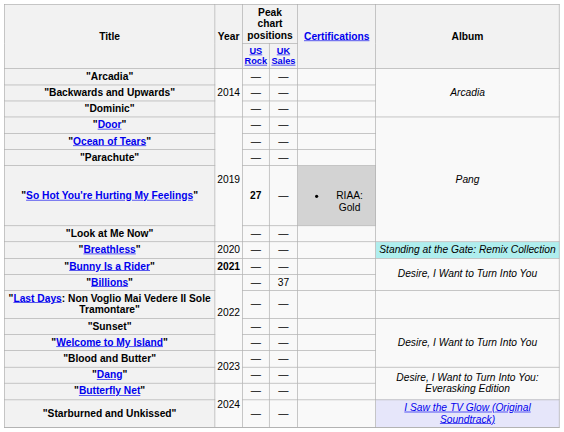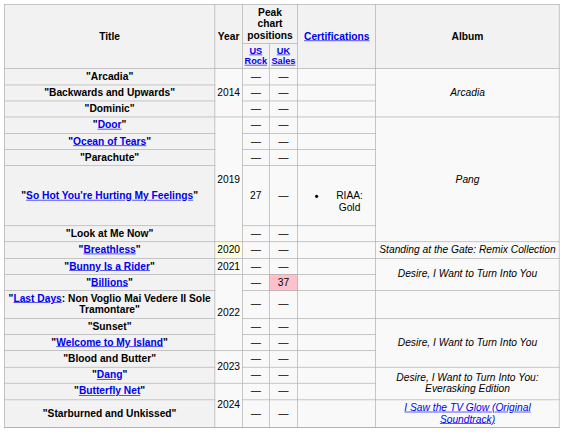 <table class="wikitable plainrowheaders" style="text-align:center;">
 <tr>
 <th scope="col" rowspan="2">Title</th>
 <th scope="col" rowspan="2">Year</th>
 <th scope="col" colspan="2">Peak chart positions</th>
 <th rowspan="2"><a href='#'>Certifications</a></th>
 <th rowspan="2" scope="col">Album</th>
 </tr>
 <tr>
 <th scope="col" style="width:2em;font-size:90%;"><a href='#'>US<br>Rock</a><br></th>
 <th scope="col" style="width:2em;font-size:90%;"><a href='#'>UK<br>Sales</a><br></th>
 </tr>
 <tr>
 <th scope="row">"Arcadia"</th>
 <td rowspan="3">2014</td>
 <td>―</td>
 <td>―</td>
 <td></td>
 <td rowspan="3"><em>Arcadia</em></td>
 </tr>
 <tr>
 <th scope="row">"Backwards and Upwards"</th>
 <td>―</td>
 <td>―</td>
 <td></td>
 </tr>
 <tr>
 <th scope="row">"Dominic"</th>
 <td>―</td>
 <td>―</td>
 <td></td>
 </tr>
 <tr>
 <th scope="row">"<a href='#'>Door</a>"</th>
 <td rowspan="5">2019</td>
 <td>―</td>
 <td>―</td>
 <td></td>
 <td rowspan="5"><em>Pang</em></td>
 </tr>
 <tr>
 <th scope="row">"<a href='#'>Ocean of Tears</a>"</th>
 <td>―</td>
 <td>―</td>
 <td></td>
 </tr>
 <tr>
 <th scope="row">"Parachute"</th>
 <td>―</td>
 <td>―</td>
 <td></td>
 </tr>
 <tr>
 <th scope="row">"<a href='#'>So Hot You're Hurting My Feelings</a>"</th>
-<td><strong>27</strong></td>
+<td>27</td>
 <td>―</td>
-<td style="background: lightgrey;"><br><ul><li>RIAA: Gold</li></ul></td>
+<td><br><ul><li>RIAA: Gold</li></ul></td>
 </tr>
 <tr>
 <th scope="row">"Look at Me Now"</th>
 <td>―</td>
 <td>―</td>
 <td></td>
 </tr>
 <tr>
 <th scope="row">"<a href='#'>Breathless</a>"</th>
-<td>2020</td>
+<td style="background: lightyellow;">2020</td>
 <td>―</td>
 <td>―</td>
 <td></td>
-<td style="background: paleturquoise;"><em>Standing at the Gate: Remix Collection</em></td>
+<td><em>Standing at the Gate: Remix Collection</em></td>
 </tr>
 <tr>
 <th scope="row">"<a href='#'>Bunny Is a Rider</a>"</th>
-<td><strong>2021</strong></td>
+<td>2021</td>
 <td>―</td>
 <td>―</td>
 <td></td>
 <td rowspan="2"><em>Desire, I Want to Turn Into You</em></td>
 </tr>
 <tr>
 <th scope="row">"<a href='#'>Billions</a>"</th>
 <td rowspan="4">2022</td>
 <td>―</td>
-<td>37</td>
+<td style="background: pink;">37</td>
 <td></td>
 </tr>
 <tr>
 <th scope="row">"<a href='#'>Last Days</a>: Non Voglio Mai Vedere II Sole Tramontare"<br></th>
 <td>―</td>
 <td>―</td>
 <td></td>
 <td></td>
 </tr>
 <tr>
 <th scope="row">"Sunset"</th>
 <td>―</td>
 <td>―</td>
 <td></td>
 <td rowspan="3"><em>Desire, I Want to Turn Into You</em></td>
 </tr>
 <tr>
 <th scope="row">"<a href='#'>Welcome to My Island</a>"</th>
 <td>―</td>
 <td>―</td>
 <td></td>
 </tr>
 <tr>
 <th scope="row">"Blood and Butter"</th>
 <td rowspan="2">2023</td>
 <td>―</td>
 <td>―</td>
 <td></td>
 </tr>
 <tr>
 <th scope="row">"<a href='#'>Dang</a>"</th>
 <td>—</td>
 <td>—</td>
 <td></td>
 <td rowspan="2"><em>Desire, I Want to Turn Into You: Everasking Edition</em></td>
 </tr>
 <tr>
 <th scope="row">"<a href='#'>Butterfly Net</a>"<br></th>
 <td rowspan="2">2024</td>
 <td>—</td>
 <td>—</td>
 <td></td>
 </tr>
 <tr>
 <th scope="row">"Starburned and Unkissed"</th>
 <td>—</td>
 <td>—</td>
 <td></td>
-<td style="background: lavender;"><em><a href='#'>I Saw the TV Glow (Original Soundtrack)</a></em></td>
+<td><em><a href='#'>I Saw the TV Glow (Original Soundtrack)</a></em></td>
 </tr>
 <tr>
 </tr>
 </table>
